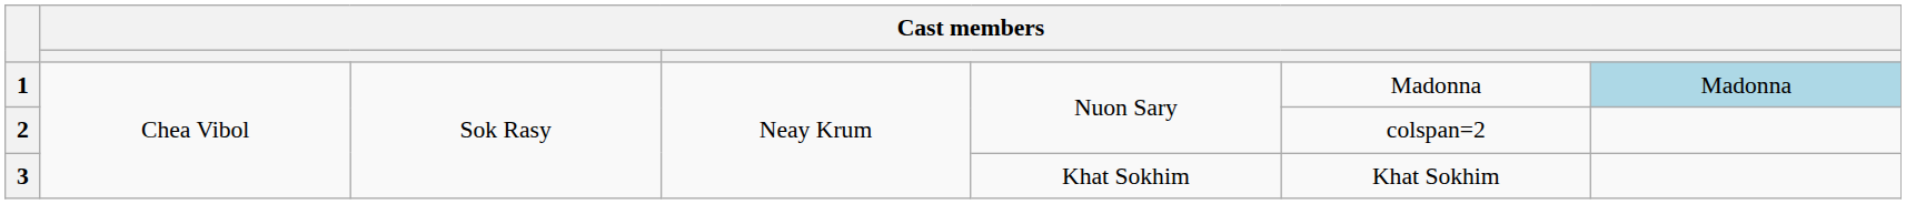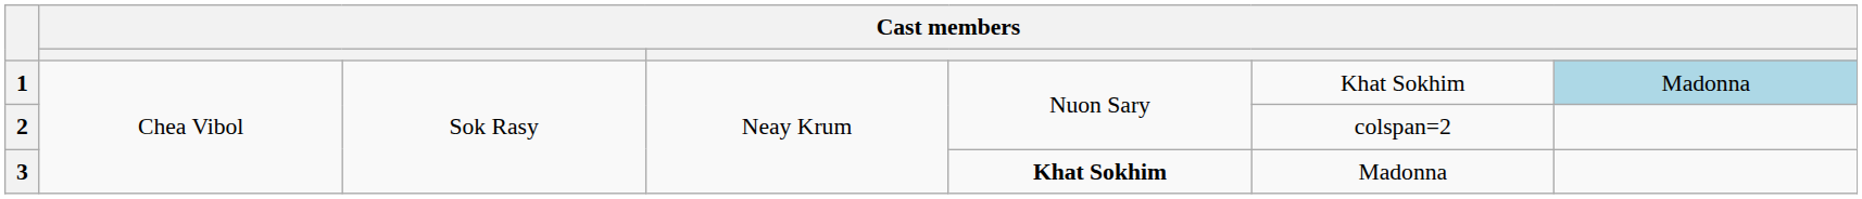 <table class="wikitable plainrowheaders" style="width:100%; text-align:center; line-height:23px;">
 <tr>
 <th rowspan=2 width=1%></th>
 <th colspan=6>Cast members </th>
 </tr>
 <tr>
 <th colspan=2></th>
 <th colspan=4></th>
 </tr>
 <tr>
 <th>1</th>
 <td rowspan=3 width=10%>Chea Vibol</td>
 <td rowspan=3 width=10%>Sok Rasy</td>
 <td rowspan=3 width=10%>Neay Krum</td>
 <td rowspan=2 width=10%>Nuon Sary</td>
-<td>Madonna</td>
+<td width=10%>Khat Sokhim</td>
 <td width=10% style="background: lightblue;">Madonna</td>
 </tr>
 <tr>
 <th>2</th>
 <td>colspan=2 </td>
 </tr>
 <tr>
 <th>3</th>
-<td>Khat Sokhim</td>
-<td width=10%>Khat Sokhim</td>
+<td><strong>Khat Sokhim</strong></td>
+<td>Madonna</td>
 <td></td>
 </tr>
 </table>
